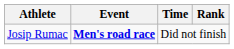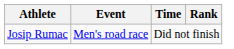 <table class=wikitable style=font-size:90%;text-align:center>
 <tr>
 <th>Athlete</th>
 <th>Event</th>
 <th>Time</th>
 <th>Rank</th>
 </tr>
 <tr>
 <td align=left><a href='#'>Josip Rumac</a></td>
-<td align=rite><strong><a href='#'>Men's road race</a></strong></td>
+<td align=rite><a href='#'>Men's road race</a></td>
 <td colspan=2>Did not finish</td>
 </tr>
 </table>
